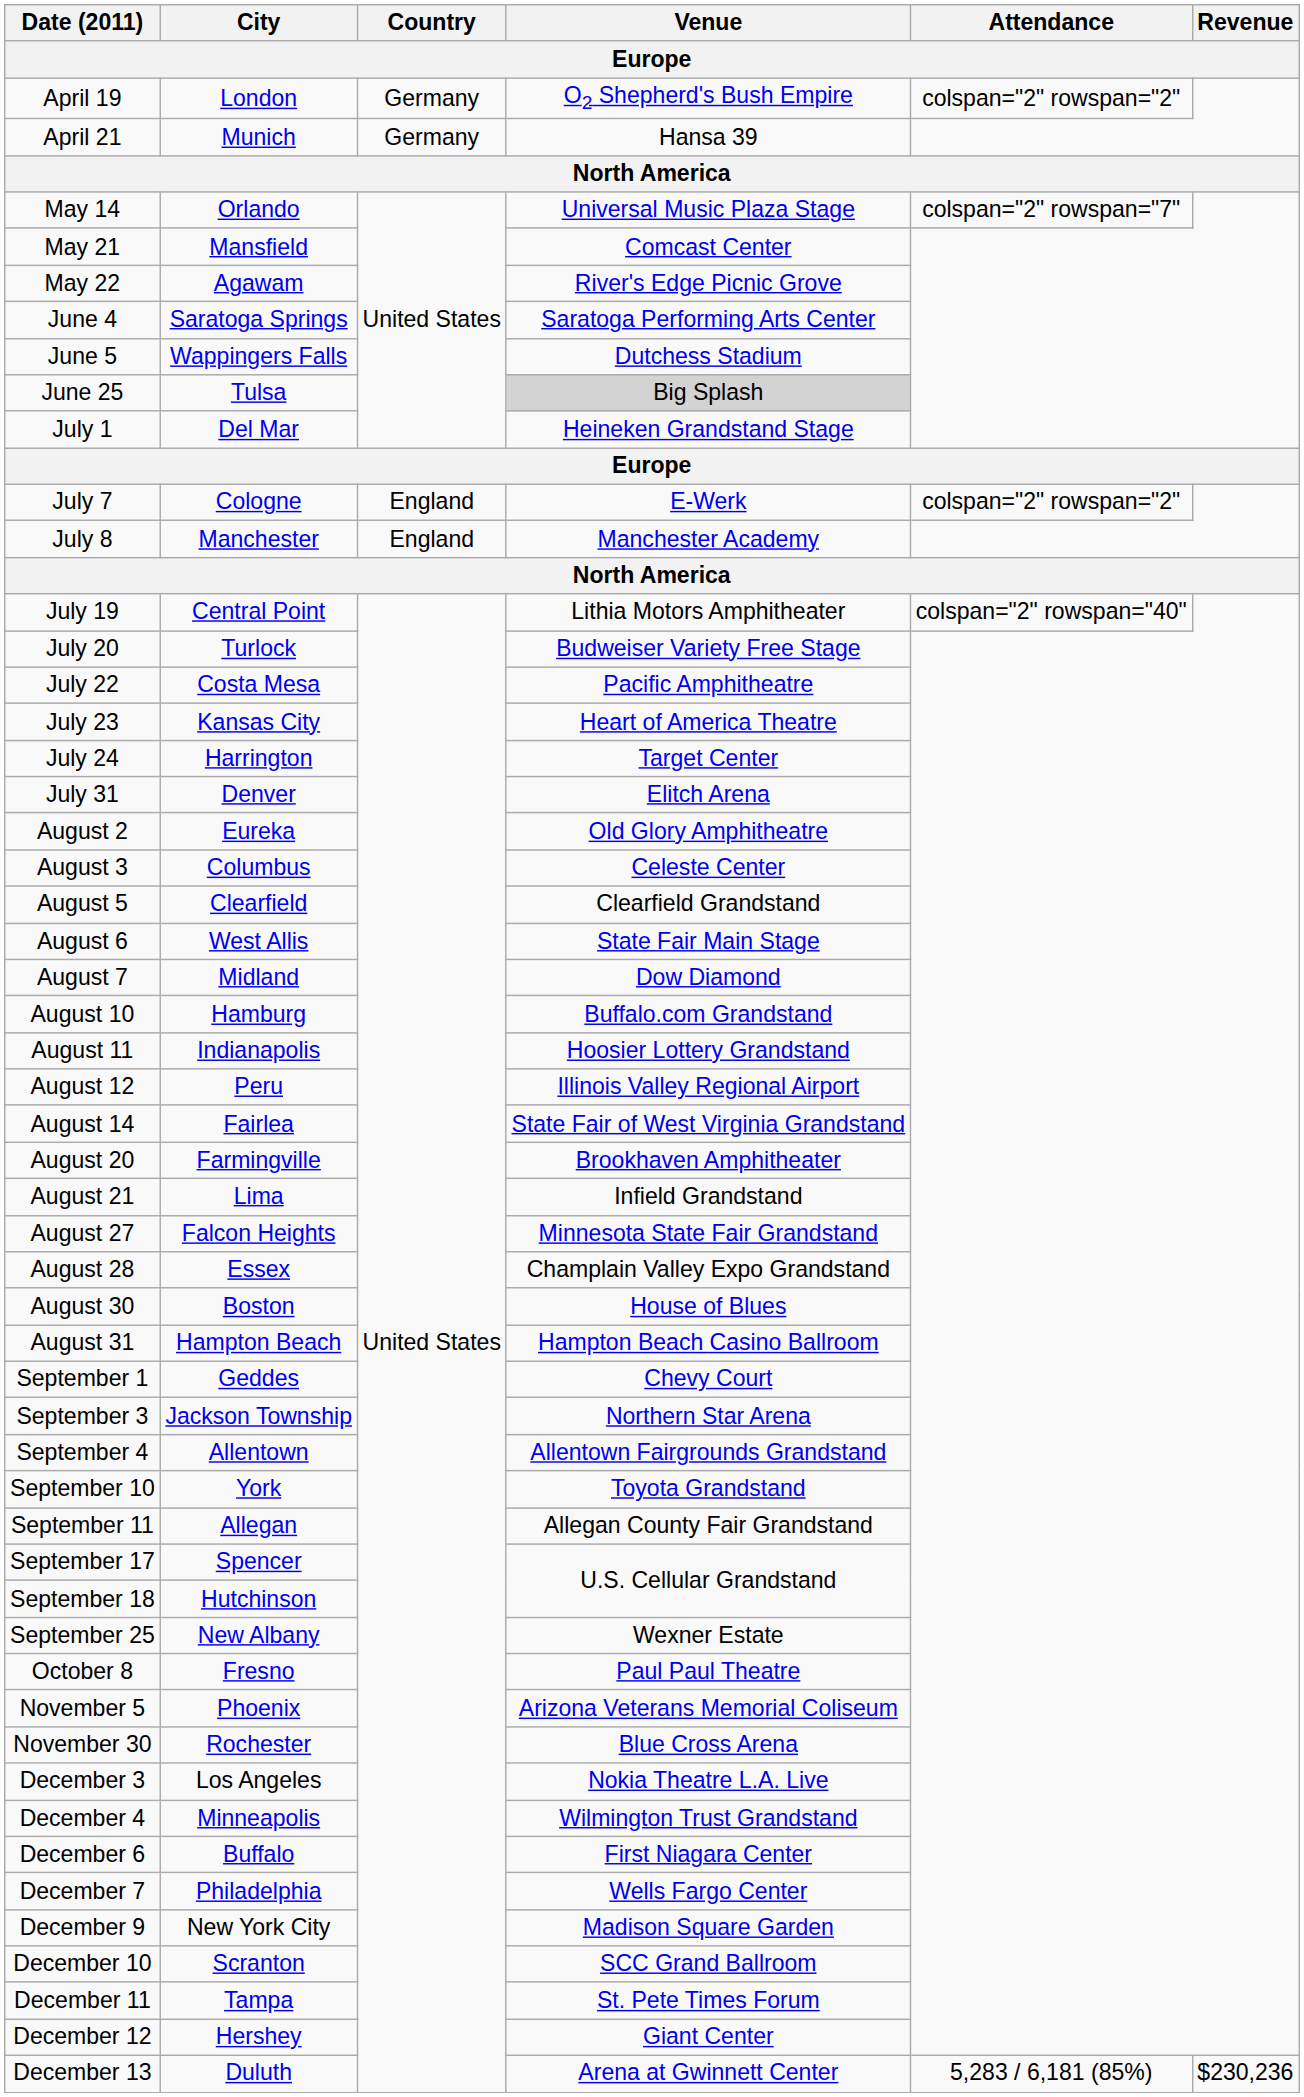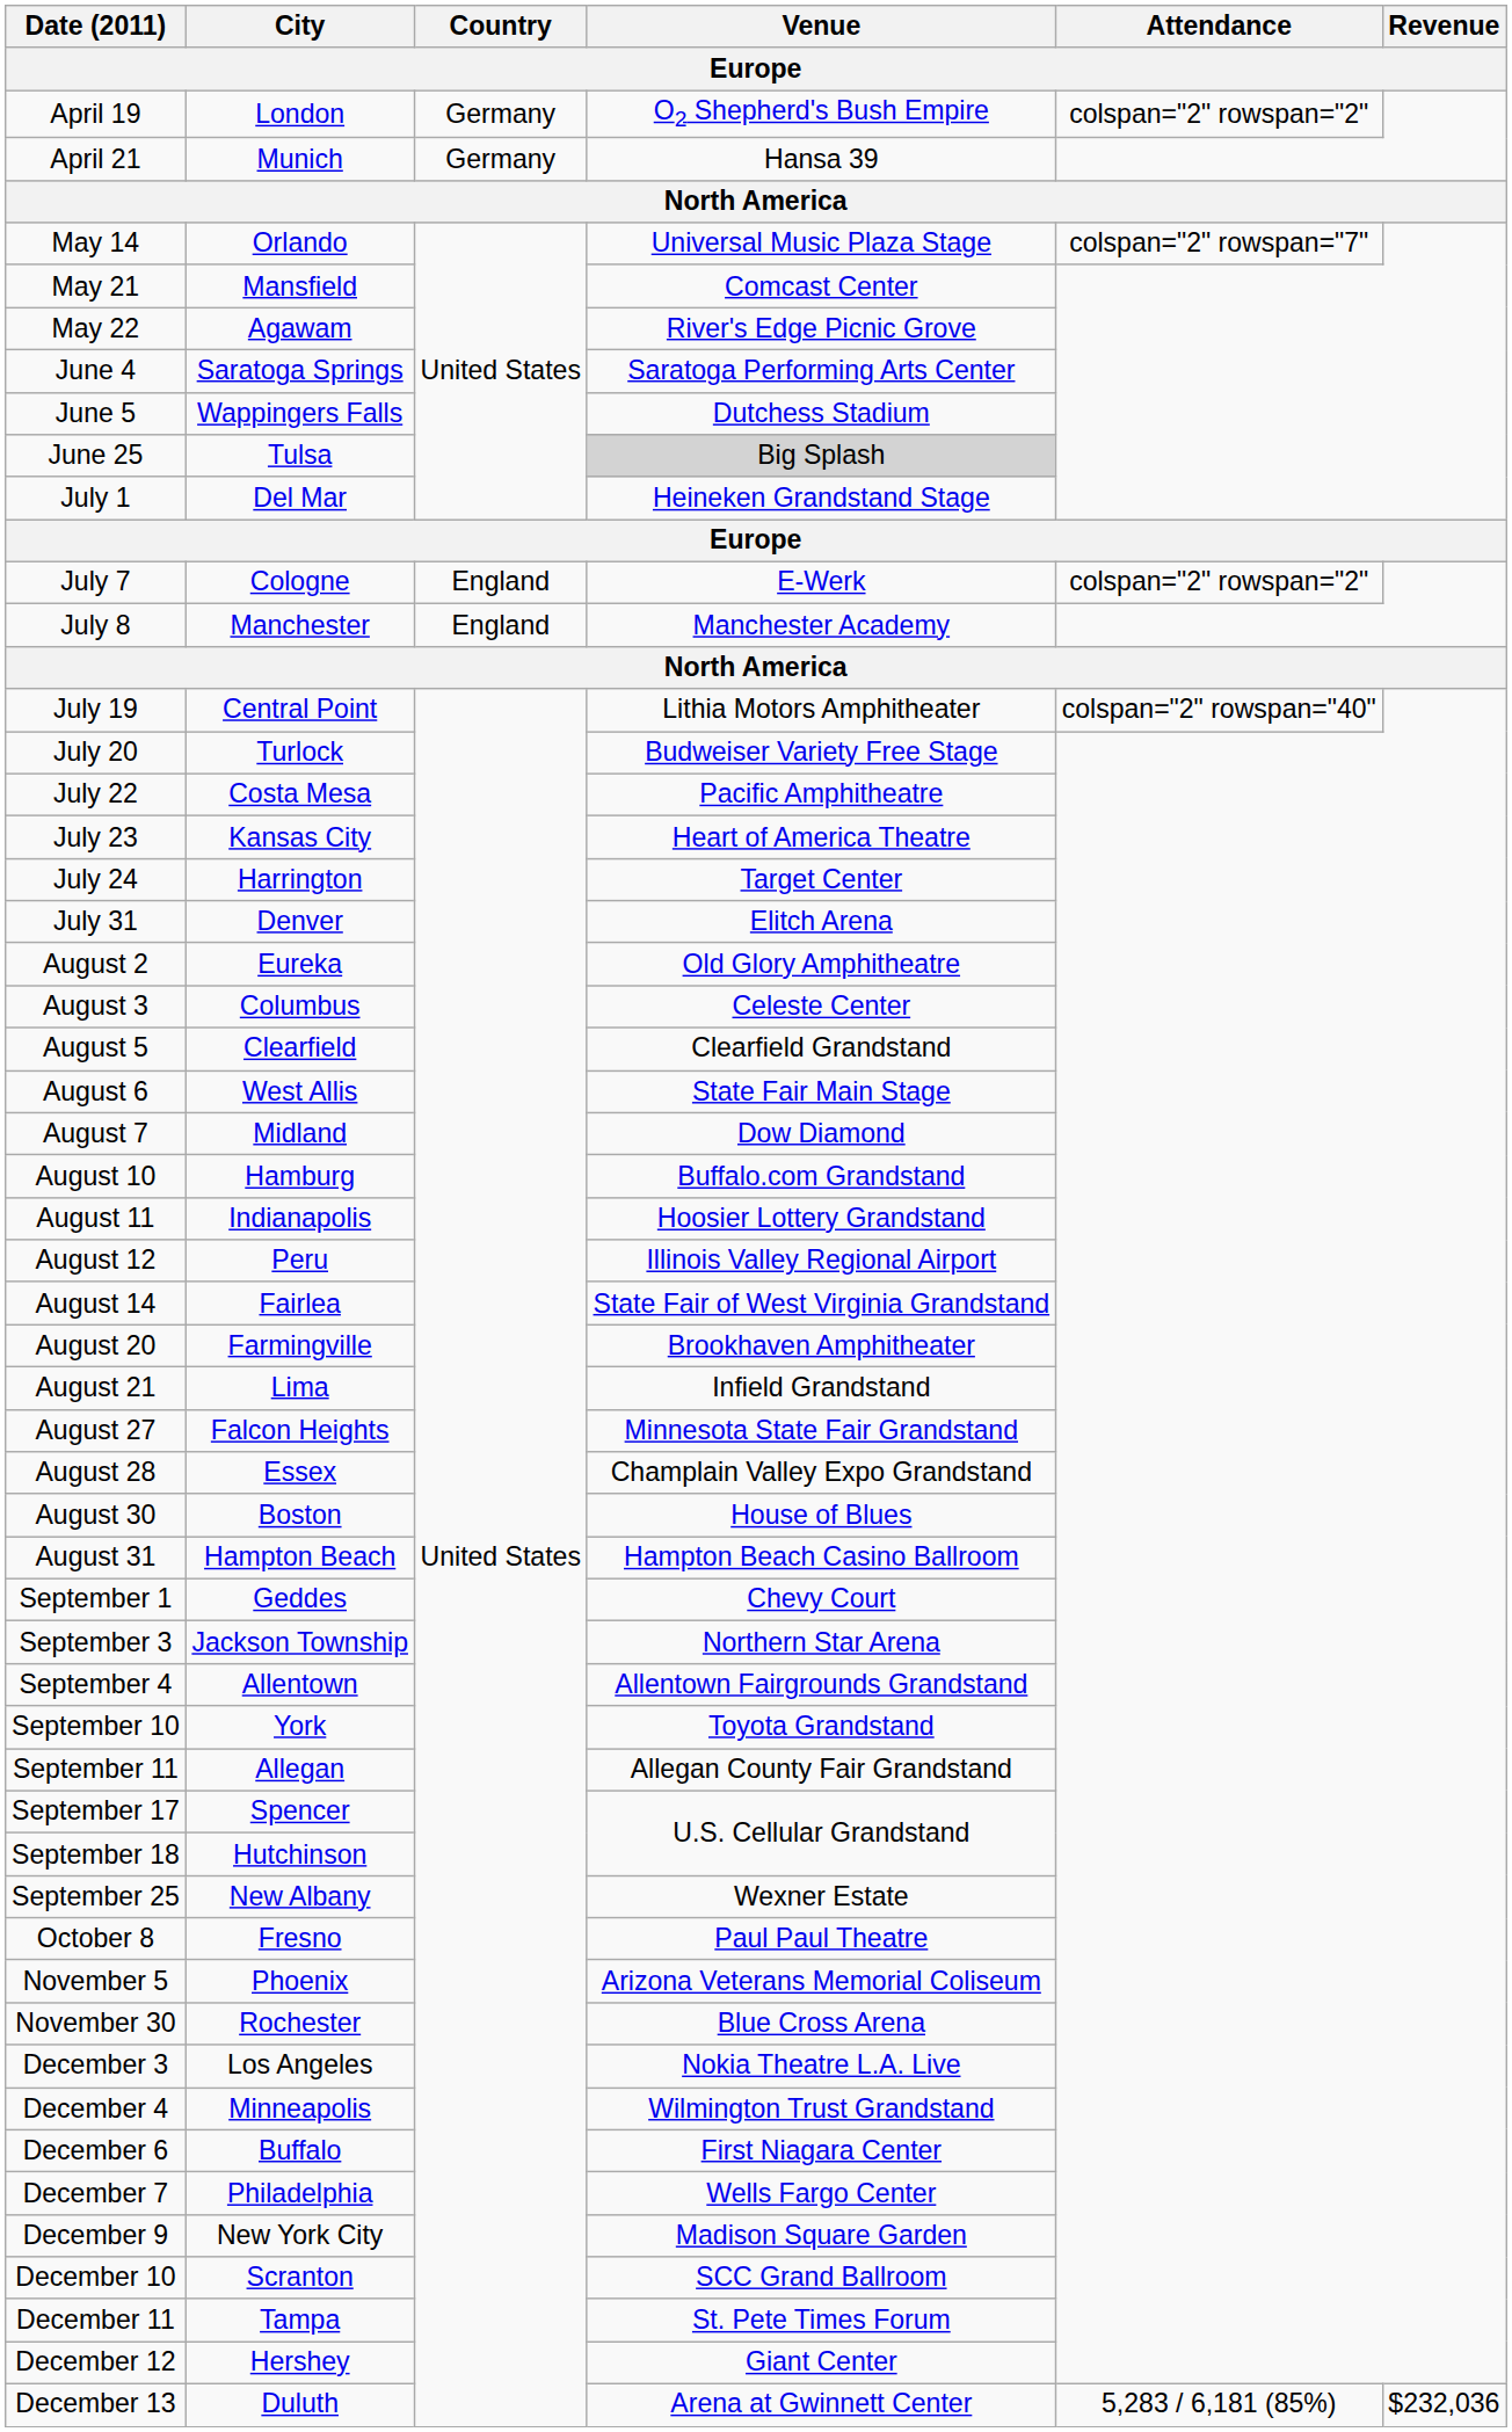 <table class="wikitable" style="text-align:center;">
 <tr>
 <th scope="col">Date (2011)</th>
 <th scope="col">City</th>
 <th scope="col">Country</th>
 <th scope="col">Venue</th>
 <th scope="col">Attendance</th>
 <th scope="col">Revenue</th>
 </tr>
 <tr>
 <th colspan="6">Europe</th>
 </tr>
 <tr>
 <td>April 19</td>
 <td><a href='#'>London</a></td>
 <td>Germany</td>
 <td><a href='#'>O<sub>2</sub> Shepherd's Bush Empire</a></td>
 <td>colspan="2" rowspan="2" </td>
 </tr>
 <tr>
 <td>April 21</td>
 <td><a href='#'>Munich</a></td>
 <td>Germany</td>
 <td>Hansa 39</td>
 </tr>
 <tr>
 <th colspan="6">North America</th>
 </tr>
 <tr>
 <td>May 14</td>
 <td><a href='#'>Orlando</a></td>
 <td rowspan="7">United States</td>
 <td><a href='#'>Universal Music Plaza Stage</a></td>
 <td>colspan="2" rowspan="7" </td>
 </tr>
 <tr>
 <td>May 21</td>
 <td><a href='#'>Mansfield</a></td>
 <td><a href='#'>Comcast Center</a></td>
 </tr>
 <tr>
 <td>May 22</td>
 <td><a href='#'>Agawam</a></td>
 <td><a href='#'>River's Edge Picnic Grove</a></td>
 </tr>
 <tr>
 <td>June 4</td>
 <td><a href='#'>Saratoga Springs</a></td>
 <td><a href='#'>Saratoga Performing Arts Center</a></td>
 </tr>
 <tr>
 <td>June 5</td>
 <td><a href='#'>Wappingers Falls</a></td>
 <td><a href='#'>Dutchess Stadium</a></td>
 </tr>
 <tr>
 <td>June 25</td>
 <td><a href='#'>Tulsa</a></td>
 <td style="background: lightgrey;">Big Splash</td>
 </tr>
 <tr>
 <td>July 1</td>
 <td><a href='#'>Del Mar</a></td>
 <td><a href='#'>Heineken Grandstand Stage</a></td>
 </tr>
 <tr>
 <th colspan="6">Europe</th>
 </tr>
 <tr>
 <td>July 7</td>
 <td><a href='#'>Cologne</a></td>
 <td>England</td>
 <td><a href='#'>E-Werk</a></td>
 <td>colspan="2" rowspan="2" </td>
 </tr>
 <tr>
 <td>July 8</td>
 <td><a href='#'>Manchester</a></td>
 <td>England</td>
 <td><a href='#'>Manchester Academy</a></td>
 </tr>
 <tr>
 <th colspan="6">North America</th>
 </tr>
 <tr>
 <td>July 19</td>
 <td><a href='#'>Central Point</a></td>
 <td rowspan="41">United States</td>
 <td>Lithia Motors Amphitheater</td>
 <td>colspan="2" rowspan="40" </td>
 </tr>
 <tr>
 <td>July 20</td>
 <td><a href='#'>Turlock</a></td>
 <td><a href='#'>Budweiser Variety Free Stage</a></td>
 </tr>
 <tr>
 <td>July 22</td>
 <td><a href='#'>Costa Mesa</a></td>
 <td><a href='#'>Pacific Amphitheatre</a></td>
 </tr>
 <tr>
 <td>July 23</td>
 <td><a href='#'>Kansas City</a></td>
 <td><a href='#'>Heart of America Theatre</a></td>
 </tr>
 <tr>
 <td>July 24</td>
 <td><a href='#'>Harrington</a></td>
 <td><a href='#'>Target Center</a></td>
 </tr>
 <tr>
 <td>July 31</td>
 <td><a href='#'>Denver</a></td>
 <td><a href='#'>Elitch Arena</a></td>
 </tr>
 <tr>
 <td>August 2</td>
 <td><a href='#'>Eureka</a></td>
 <td><a href='#'>Old Glory Amphitheatre</a></td>
 </tr>
 <tr>
 <td>August 3</td>
 <td><a href='#'>Columbus</a></td>
 <td><a href='#'>Celeste Center</a></td>
 </tr>
 <tr>
 <td>August 5</td>
 <td><a href='#'>Clearfield</a></td>
 <td>Clearfield Grandstand</td>
 </tr>
 <tr>
 <td>August 6</td>
 <td><a href='#'>West Allis</a></td>
 <td><a href='#'>State Fair Main Stage</a></td>
 </tr>
 <tr>
 <td>August 7</td>
 <td><a href='#'>Midland</a></td>
 <td><a href='#'>Dow Diamond</a></td>
 </tr>
 <tr>
 <td>August 10</td>
 <td><a href='#'>Hamburg</a></td>
 <td><a href='#'>Buffalo.com Grandstand</a></td>
 </tr>
 <tr>
 <td>August 11</td>
 <td><a href='#'>Indianapolis</a></td>
 <td><a href='#'>Hoosier Lottery Grandstand</a></td>
 </tr>
 <tr>
 <td>August 12</td>
 <td><a href='#'>Peru</a></td>
 <td><a href='#'>Illinois Valley Regional Airport</a></td>
 </tr>
 <tr>
 <td>August 14</td>
 <td><a href='#'>Fairlea</a></td>
 <td><a href='#'>State Fair of West Virginia Grandstand</a></td>
 </tr>
 <tr>
 <td>August 20</td>
 <td><a href='#'>Farmingville</a></td>
 <td><a href='#'>Brookhaven Amphitheater</a></td>
 </tr>
 <tr>
 <td>August 21</td>
 <td><a href='#'>Lima</a></td>
 <td>Infield Grandstand</td>
 </tr>
 <tr>
 <td>August 27</td>
 <td><a href='#'>Falcon Heights</a></td>
 <td><a href='#'>Minnesota State Fair Grandstand</a></td>
 </tr>
 <tr>
 <td>August 28</td>
 <td><a href='#'>Essex</a></td>
 <td>Champlain Valley Expo Grandstand</td>
 </tr>
 <tr>
 <td>August 30</td>
 <td><a href='#'>Boston</a></td>
 <td><a href='#'>House of Blues</a></td>
 </tr>
 <tr>
 <td>August 31</td>
 <td><a href='#'>Hampton Beach</a></td>
 <td><a href='#'>Hampton Beach Casino Ballroom</a></td>
 </tr>
 <tr>
 <td>September 1</td>
 <td><a href='#'>Geddes</a></td>
 <td><a href='#'>Chevy Court</a></td>
 </tr>
 <tr>
 <td>September 3</td>
 <td><a href='#'>Jackson Township</a></td>
 <td><a href='#'>Northern Star Arena</a></td>
 </tr>
 <tr>
 <td>September 4</td>
 <td><a href='#'>Allentown</a></td>
 <td><a href='#'>Allentown Fairgrounds Grandstand</a></td>
 </tr>
 <tr>
 <td>September 10</td>
 <td><a href='#'>York</a></td>
 <td><a href='#'>Toyota Grandstand</a></td>
 </tr>
 <tr>
 <td>September 11</td>
 <td><a href='#'>Allegan</a></td>
 <td>Allegan County Fair Grandstand</td>
 </tr>
 <tr>
 <td>September 17</td>
 <td><a href='#'>Spencer</a></td>
 <td rowspan="2">U.S. Cellular Grandstand</td>
 </tr>
 <tr>
 <td>September 18</td>
 <td><a href='#'>Hutchinson</a></td>
 </tr>
 <tr>
 <td>September 25</td>
 <td><a href='#'>New Albany</a></td>
 <td>Wexner Estate</td>
 </tr>
 <tr>
 <td>October 8</td>
 <td><a href='#'>Fresno</a></td>
 <td><a href='#'>Paul Paul Theatre</a></td>
 </tr>
 <tr>
 <td>November 5</td>
 <td><a href='#'>Phoenix</a></td>
 <td><a href='#'>Arizona Veterans Memorial Coliseum</a></td>
 </tr>
 <tr>
 <td>November 30</td>
 <td><a href='#'>Rochester</a></td>
 <td><a href='#'>Blue Cross Arena</a></td>
 </tr>
 <tr>
 <td>December 3</td>
 <td>Los Angeles</td>
 <td><a href='#'>Nokia Theatre L.A. Live</a></td>
 </tr>
 <tr>
 <td>December 4</td>
 <td><a href='#'>Minneapolis</a></td>
 <td><a href='#'>Wilmington Trust Grandstand</a></td>
 </tr>
 <tr>
 <td>December 6</td>
 <td><a href='#'>Buffalo</a></td>
 <td><a href='#'>First Niagara Center</a></td>
 </tr>
 <tr>
 <td>December 7</td>
 <td><a href='#'>Philadelphia</a></td>
 <td><a href='#'>Wells Fargo Center</a></td>
 </tr>
 <tr>
 <td>December 9</td>
 <td>New York City</td>
 <td><a href='#'>Madison Square Garden</a></td>
 </tr>
 <tr>
 <td>December 10</td>
 <td><a href='#'>Scranton</a></td>
 <td><a href='#'>SCC Grand Ballroom</a></td>
 </tr>
 <tr>
 <td>December 11</td>
 <td><a href='#'>Tampa</a></td>
 <td><a href='#'>St. Pete Times Forum</a></td>
 </tr>
 <tr>
 <td>December 12</td>
 <td><a href='#'>Hershey</a></td>
 <td><a href='#'>Giant Center</a></td>
 </tr>
 <tr>
 <td>December 13</td>
 <td><a href='#'>Duluth</a></td>
 <td><a href='#'>Arena at Gwinnett Center</a></td>
 <td>5,283 / 6,181 (85%)</td>
-<td>$230,236</td>
+<td>$232,036</td>
 </tr>
 </table>
